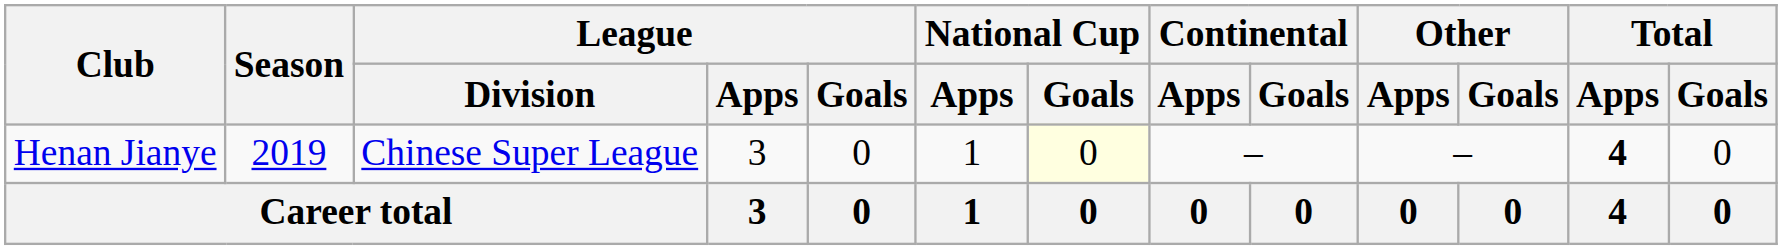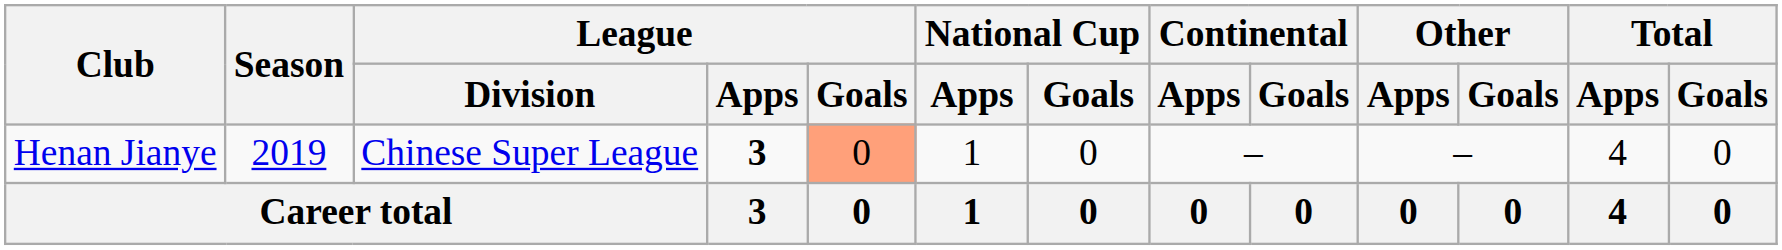 <table class="wikitable" style="text-align: center">
 <tr>
 <th rowspan="2">Club</th>
 <th rowspan="2">Season</th>
 <th colspan="3">League</th>
 <th colspan="2">National Cup</th>
 <th colspan="2">Continental</th>
 <th colspan="2">Other</th>
 <th colspan="2">Total</th>
 </tr>
 <tr>
 <th>Division</th>
 <th>Apps</th>
 <th>Goals</th>
 <th>Apps</th>
 <th>Goals</th>
 <th>Apps</th>
 <th>Goals</th>
 <th>Apps</th>
 <th>Goals</th>
 <th>Apps</th>
 <th>Goals</th>
 </tr>
 <tr>
 <td><a href='#'>Henan Jianye</a></td>
 <td><a href='#'>2019</a></td>
 <td><a href='#'>Chinese Super League</a></td>
-<td>3</td>
+<td><strong>3</strong></td>
+<td style="background: lightsalmon;">0</td>
+<td>1</td>
 <td>0</td>
-<td>1</td>
-<td style="background: lightyellow;">0</td>
 <td colspan="2">–</td>
 <td colspan="2">–</td>
-<td><strong>4</strong></td>
+<td>4</td>
 <td>0</td>
 </tr>
 <tr>
 <th colspan=3>Career total</th>
 <th>3</th>
 <th>0</th>
 <th>1</th>
 <th>0</th>
 <th>0</th>
 <th>0</th>
 <th>0</th>
 <th>0</th>
 <th>4</th>
 <th>0</th>
 </tr>
 </table>
